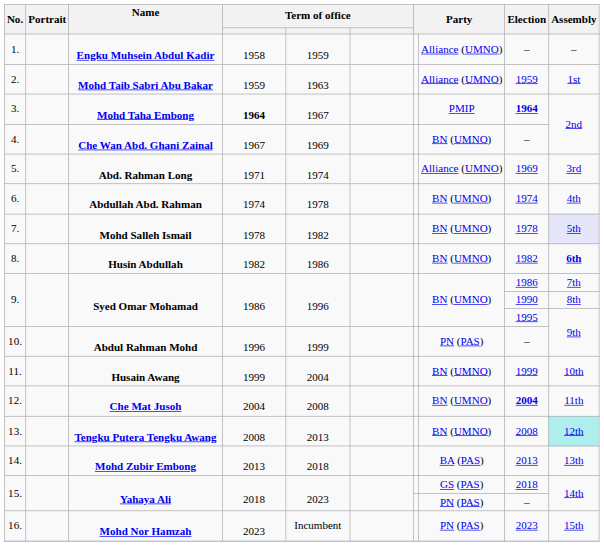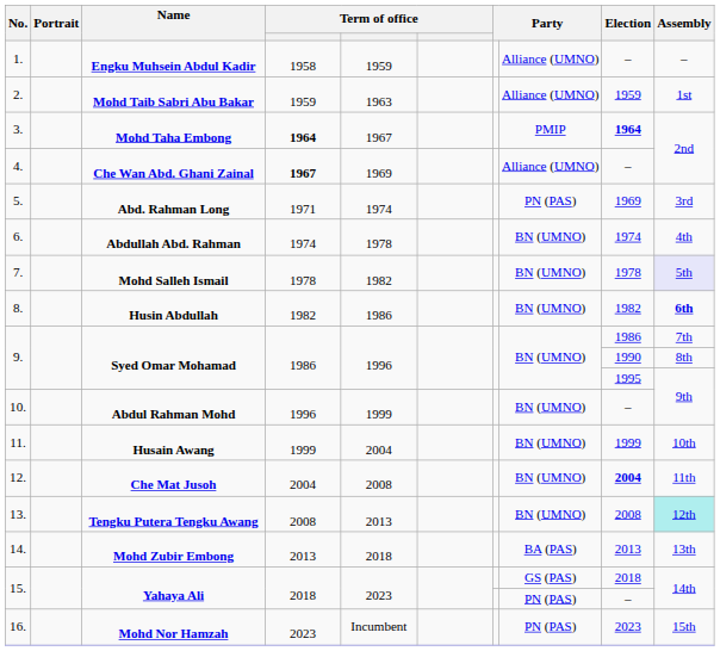 <table class="wikitable" style="text-align:center; border:1px #aaf solid;">
 <tr>
 <th rowspan="2">No.</th>
 <th rowspan="2">Portrait</th>
 <th rowspan="2" width="215">Name<br><br></th>
 <th colspan="3">Term of office</th>
 <th colspan="2" rowspan="2">Party</th>
 <th rowspan="2">Election</th>
 <th rowspan="2">Assembly</th>
 </tr>
 <tr>
 <th width="85"></th>
 <th width="85"></th>
 <th width="85"></th>
 </tr>
 <tr>
 <td>1.</td>
 <td></td>
 <td><br><strong><a href='#'>Engku Muhsein Abdul Kadir</a></strong><br></td>
 <td><br>1958</td>
 <td><br>1959</td>
 <td></td>
 <td style="background:"></td>
 <td><a href='#'>Alliance</a> (<a href='#'>UMNO</a>)</td>
 <td>–</td>
 <td>–</td>
 </tr>
 <tr>
 <td>2.</td>
 <td></td>
 <td><br><strong><a href='#'>Mohd Taib Sabri Abu Bakar</a></strong><br></td>
 <td><br>1959</td>
 <td><br>1963</td>
 <td></td>
 <td style="background:"></td>
 <td><a href='#'>Alliance</a> (<a href='#'>UMNO</a>)</td>
 <td><a href='#'>1959</a></td>
 <td><a href='#'>1st</a></td>
 </tr>
 <tr>
 <td>3.</td>
 <td></td>
 <td><br><strong><a href='#'>Mohd Taha Embong</a></strong><br></td>
 <td><strong><br>1964</strong></td>
 <td><br>1967</td>
 <td></td>
 <td style="background:"></td>
 <td><a href='#'>PMIP</a></td>
 <td><strong><a href='#'>1964</a></strong></td>
 <td rowspan=2><a href='#'>2nd</a></td>
 </tr>
 <tr>
 <td>4.</td>
 <td></td>
 <td><br><strong><a href='#'>Che Wan Abd. Ghani Zainal</a></strong><br></td>
-<td><br>1967</td>
+<td><strong><br>1967</strong></td>
 <td><br>1969</td>
 <td></td>
 <td style="background:"></td>
-<td><a href='#'>BN</a> (<a href='#'>UMNO</a>)</td>
+<td><a href='#'>Alliance</a> (<a href='#'>UMNO</a>)</td>
 <td>–</td>
 </tr>
 <tr>
 <td>5.</td>
 <td></td>
 <td><br><strong>Abd. Rahman Long</strong><br></td>
 <td><br>1971</td>
 <td><br>1974</td>
 <td></td>
 <td style="background:"></td>
-<td><a href='#'>Alliance</a> (<a href='#'>UMNO</a>)</td>
+<td><a href='#'>PN</a> (<a href='#'>PAS</a>)</td>
 <td><a href='#'>1969</a></td>
 <td><a href='#'>3rd</a></td>
 </tr>
 <tr>
 <td>6.</td>
 <td></td>
 <td><br><strong>Abdullah Abd. Rahman</strong><br></td>
 <td><br>1974</td>
 <td><br>1978</td>
 <td></td>
 <td style="background:"></td>
 <td><a href='#'>BN</a> (<a href='#'>UMNO</a>)</td>
 <td><a href='#'>1974</a></td>
 <td><a href='#'>4th</a></td>
 </tr>
 <tr>
 <td>7.</td>
 <td></td>
 <td><br><strong>Mohd Salleh Ismail</strong><br></td>
 <td><br>1978</td>
 <td><br>1982</td>
 <td></td>
 <td style="background:"></td>
 <td><a href='#'>BN</a> (<a href='#'>UMNO</a>)</td>
 <td><a href='#'>1978</a></td>
 <td style="background: lavender;"><a href='#'>5th</a></td>
 </tr>
 <tr>
 <td>8.</td>
 <td></td>
 <td><br><strong>Husin Abdullah</strong><br></td>
 <td><br>1982</td>
 <td><br>1986</td>
 <td></td>
 <td style="background:"></td>
 <td><a href='#'>BN</a> (<a href='#'>UMNO</a>)</td>
 <td><a href='#'>1982</a></td>
 <td><strong><a href='#'>6th</a></strong></td>
 </tr>
 <tr>
 <td rowspan=3>9.</td>
 <td rowspan=3></td>
 <td rowspan=3><br><strong>Syed Omar Mohamad</strong><br></td>
 <td rowspan=3><br>1986</td>
 <td rowspan=3><br>1996</td>
 <td rowspan=3></td>
 <td rowspan=3 style="background:"></td>
 <td rowspan=3><a href='#'>BN</a> (<a href='#'>UMNO</a>)</td>
 <td><a href='#'>1986</a></td>
 <td><a href='#'>7th</a></td>
 </tr>
 <tr>
 <td><a href='#'>1990</a></td>
 <td><a href='#'>8th</a></td>
 </tr>
 <tr>
 <td><a href='#'>1995</a></td>
 <td rowspan=2><a href='#'>9th</a></td>
 </tr>
 <tr>
 <td>10.</td>
 <td></td>
 <td><br><strong>Abdul Rahman Mohd</strong><br></td>
 <td><br>1996</td>
 <td><br>1999</td>
 <td></td>
 <td style="background:"></td>
-<td><a href='#'>PN</a> (<a href='#'>PAS</a>)</td>
+<td><a href='#'>BN</a> (<a href='#'>UMNO</a>)</td>
 <td>–</td>
 </tr>
 <tr>
 <td>11.</td>
 <td></td>
 <td><br><strong>Husain Awang</strong><br></td>
 <td><br>1999</td>
 <td><br>2004</td>
 <td></td>
 <td style="background:"></td>
 <td><a href='#'>BN</a> (<a href='#'>UMNO</a>)</td>
 <td><a href='#'>1999</a></td>
 <td><a href='#'>10th</a></td>
 </tr>
 <tr>
 <td>12.</td>
 <td></td>
 <td><br><strong><a href='#'>Che Mat Jusoh</a></strong><br></td>
 <td><br>2004</td>
 <td><br>2008</td>
 <td></td>
 <td style="background:"></td>
 <td><a href='#'>BN</a> (<a href='#'>UMNO</a>)</td>
 <td><strong><a href='#'>2004</a></strong></td>
 <td><a href='#'>11th</a></td>
 </tr>
 <tr>
 <td>13.</td>
 <td></td>
 <td><br><strong><a href='#'>Tengku Putera Tengku Awang</a></strong><br></td>
 <td><br>2008</td>
 <td><br>2013</td>
 <td></td>
 <td style="background:"></td>
 <td><a href='#'>BN</a> (<a href='#'>UMNO</a>)</td>
 <td><a href='#'>2008</a></td>
 <td style="background: paleturquoise;"><a href='#'>12th</a></td>
 </tr>
 <tr>
 <td>14.</td>
 <td></td>
 <td><br><strong><a href='#'>Mohd Zubir Embong</a></strong><br></td>
 <td><br>2013</td>
 <td><br>2018</td>
 <td></td>
 <td style="background:"></td>
 <td><a href='#'>BA</a> (<a href='#'>PAS</a>)</td>
 <td><a href='#'>2013</a></td>
 <td><a href='#'>13th</a></td>
 </tr>
 <tr>
 <td rowspan=2>15.</td>
 <td rowspan=2></td>
 <td rowspan=2><br><strong><a href='#'>Yahaya Ali</a></strong><br></td>
 <td rowspan=2><br>2018</td>
 <td rowspan=2><br>2023</td>
 <td rowspan=2></td>
 <td style="background:"></td>
 <td><a href='#'>GS</a> (<a href='#'>PAS</a>)</td>
 <td><a href='#'>2018</a></td>
 <td rowspan=2><a href='#'>14th</a></td>
 </tr>
 <tr>
 <td style="background:"></td>
 <td><a href='#'>PN</a> (<a href='#'>PAS</a>)</td>
 <td>–</td>
 </tr>
 <tr>
 <td>16.</td>
 <td></td>
 <td><br><strong><a href='#'>Mohd Nor Hamzah</a></strong><br></td>
 <td><br>2023</td>
 <td>Incumbent</td>
 <td></td>
 <td style="background:"></td>
 <td><a href='#'>PN</a> (<a href='#'>PAS</a>)</td>
 <td><a href='#'>2023</a></td>
 <td><a href='#'>15th</a></td>
 </tr>
 <tr>
 </tr>
 </table>
